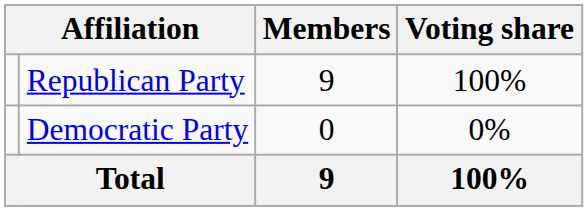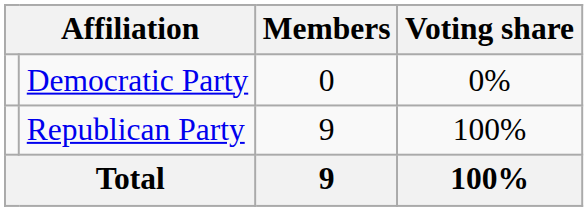 <table class=wikitable>
 <tr valign=bottom>
 <th colspan="2" style="text-align:center;">Affiliation</th>
 <th>Members</th>
 <th>Voting share</th>
 </tr>
 <tr>
 <td></td>
+<td><a href='#'>Democratic Party</a></td>
+<td align=center>0</td>
+<td align=center>0%</td>
+</tr>
+<tr>
+<td></td>
 <td><a href='#'>Republican Party</a></td>
 <td align=center>9</td>
 <td align=center>100%</td>
-</tr>
-<tr>
-<td></td>
-<td><a href='#'>Democratic Party</a></td>
-<td align=center>0</td>
-<td align=center>0%</td>
 </tr>
 <tr>
 <th colspan=2>Total</th>
 <th>9</th>
 <th>100%</th>
 </tr>
 </table>
